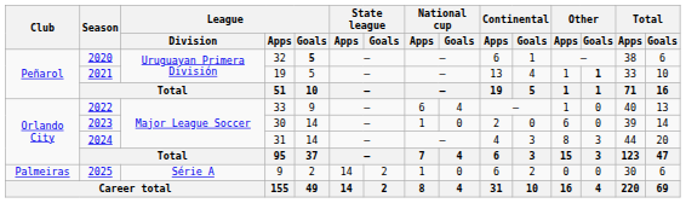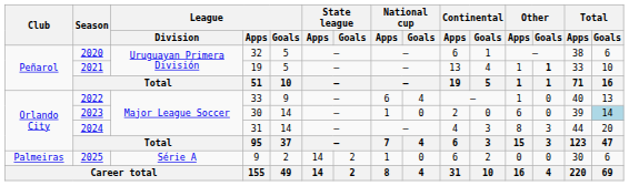 <table class="wikitable" Style="text-align: center">
 <tr>
 <th rowspan="2">Club</th>
 <th rowspan="2">Season</th>
 <th colspan="3">League</th>
 <th colspan="2">State league</th>
 <th colspan="2">National cup</th>
 <th colspan="2">Continental</th>
 <th colspan="2">Other</th>
 <th colspan="2">Total</th>
 </tr>
 <tr>
 <th>Division</th>
 <th>Apps</th>
 <th>Goals</th>
 <th>Apps</th>
 <th>Goals</th>
 <th>Apps</th>
 <th>Goals</th>
 <th>Apps</th>
 <th>Goals</th>
 <th>Apps</th>
 <th>Goals</th>
 <th>Apps</th>
 <th>Goals</th>
 </tr>
 <tr>
 <td rowspan="3"><a href='#'>Peñarol</a></td>
 <td><a href='#'>2020</a></td>
 <td rowspan="2"><a href='#'>Uruguayan Primera División</a></td>
 <td>32</td>
-<td><strong>5</strong></td>
+<td>5</td>
 <td colspan="2">—</td>
 <td colspan="2">—</td>
 <td>6</td>
 <td>1</td>
 <td colspan="2">—</td>
 <td>38</td>
 <td>6</td>
 </tr>
 <tr>
 <td><a href='#'>2021</a></td>
 <td>19</td>
 <td>5</td>
 <td colspan="2">—</td>
 <td colspan="2">—</td>
 <td>13</td>
 <td>4</td>
 <td>1</td>
 <td><strong>1</strong></td>
 <td>33</td>
 <td>10</td>
 </tr>
 <tr>
 <th colspan="2">Total</th>
 <th>51</th>
 <th>10</th>
 <th colspan="2">—</th>
 <th colspan="2">—</th>
 <th>19</th>
 <th>5</th>
 <th>1</th>
 <th>1</th>
 <th>71</th>
 <th>16</th>
 </tr>
 <tr>
 <td rowspan="4"><a href='#'>Orlando City</a></td>
 <td><a href='#'>2022</a></td>
 <td rowspan="3"><a href='#'>Major League Soccer</a></td>
 <td>33</td>
 <td>9</td>
 <td colspan="2">—</td>
 <td>6</td>
 <td>4</td>
 <td colspan="2">—</td>
 <td>1</td>
 <td>0</td>
 <td>40</td>
 <td>13</td>
 </tr>
 <tr>
 <td><a href='#'>2023</a></td>
 <td>30</td>
 <td>14</td>
 <td colspan="2">—</td>
 <td>1</td>
 <td>0</td>
 <td>2</td>
 <td>0</td>
 <td>6</td>
 <td>0</td>
 <td>39</td>
-<td>14</td>
+<td style="background: lightblue;">14</td>
 </tr>
 <tr>
 <td><a href='#'>2024</a></td>
 <td>31</td>
 <td>14</td>
 <td colspan="2">—</td>
 <td colspan="2">—</td>
 <td>4</td>
 <td>3</td>
 <td>8</td>
 <td>3</td>
 <td>44</td>
 <td>20</td>
 </tr>
 <tr>
 <th colspan="2">Total</th>
 <th>95</th>
 <th>37</th>
 <th colspan="2">—</th>
 <th>7</th>
 <th>4</th>
 <th>6</th>
 <th>3</th>
 <th>15</th>
 <th>3</th>
 <th>123</th>
 <th>47</th>
 </tr>
 <tr>
 <td><a href='#'>Palmeiras</a></td>
 <td><a href='#'>2025</a></td>
 <td><a href='#'>Série A</a></td>
 <td>9</td>
 <td>2</td>
 <td>14</td>
 <td>2</td>
 <td>1</td>
 <td>0</td>
 <td>6</td>
 <td>2</td>
 <td>0</td>
 <td>0</td>
 <td>30</td>
 <td>6</td>
 </tr>
 <tr>
 <th colspan="3">Career total</th>
 <th>155</th>
 <th>49</th>
 <th>14</th>
 <th>2</th>
 <th>8</th>
 <th>4</th>
 <th>31</th>
 <th>10</th>
 <th>16</th>
 <th>4</th>
 <th>220</th>
 <th>69</th>
 </tr>
 </table>
